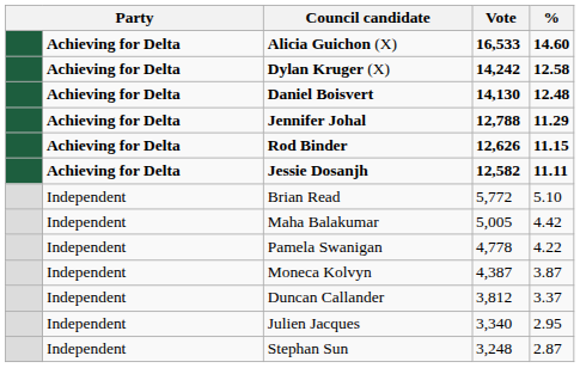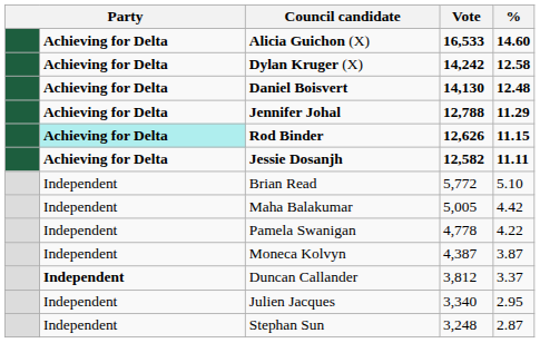 <table class="wikitable">
 <tr>
 <th width="250px" colspan="2">Party</th>
 <th width="200px">Council candidate</th>
 <th width="50px">Vote</th>
 <th width="30px">%</th>
 </tr>
 <tr>
 <td style="background:#1D5E3E;" width="30px"> </td>
 <td><strong>Achieving for Delta</strong></td>
 <td><strong>Alicia Guichon</strong> (X) </td>
 <td><strong>16,533</strong></td>
 <td><strong>14.60</strong></td>
 </tr>
 <tr>
 <td style="background:#1D5E3E;" width="30px"> </td>
 <td><strong>Achieving for Delta</strong></td>
 <td><strong>Dylan Kruger</strong> (X) </td>
 <td><strong>14,242</strong></td>
 <td><strong>12.58</strong></td>
 </tr>
 <tr>
 <td style="background:#1D5E3E;" width="30px"> </td>
 <td><strong>Achieving for Delta</strong></td>
 <td><strong>Daniel Boisvert</strong> </td>
 <td><strong>14,130</strong></td>
 <td><strong>12.48</strong></td>
 </tr>
 <tr>
 <td style="background:#1D5E3E;" width="30px"> </td>
 <td><strong>Achieving for Delta</strong></td>
 <td><strong>Jennifer Johal</strong> </td>
 <td><strong>12,788</strong></td>
 <td><strong>11.29</strong></td>
 </tr>
 <tr>
 <td style="background:#1D5E3E;" width="30px"> </td>
-<td><strong>Achieving for Delta</strong></td>
+<td style="background: paleturquoise;"><strong>Achieving for Delta</strong></td>
 <td><strong>Rod Binder</strong> </td>
 <td><strong>12,626</strong></td>
 <td><strong>11.15</strong></td>
 </tr>
 <tr>
 <td style="background:#1D5E3E;" width="30px"> </td>
 <td><strong>Achieving for Delta</strong></td>
 <td><strong>Jessie Dosanjh</strong> </td>
 <td><strong>12,582</strong></td>
 <td><strong>11.11</strong></td>
 </tr>
 <tr>
 <td style="background:gainsboro" width="30px"> </td>
 <td>Independent</td>
 <td>Brian Read</td>
 <td>5,772</td>
 <td>5.10</td>
 </tr>
 <tr>
 <td style="background:gainsboro" width="30px"> </td>
 <td>Independent</td>
 <td>Maha Balakumar</td>
 <td>5,005</td>
 <td>4.42</td>
 </tr>
 <tr>
 <td style="background:gainsboro" width="30px"> </td>
 <td>Independent</td>
 <td>Pamela Swanigan</td>
 <td>4,778</td>
 <td>4.22</td>
 </tr>
 <tr>
 <td style="background:gainsboro" width="30px"> </td>
 <td>Independent</td>
 <td>Moneca Kolvyn</td>
 <td>4,387</td>
 <td>3.87</td>
 </tr>
 <tr>
 <td style="background:gainsboro" width="30px"> </td>
-<td>Independent</td>
+<td><strong>Independent</strong></td>
 <td>Duncan Callander</td>
 <td>3,812</td>
 <td>3.37</td>
 </tr>
 <tr>
 <td style="background:gainsboro" width="30px"> </td>
 <td>Independent</td>
 <td>Julien Jacques</td>
 <td>3,340</td>
 <td>2.95</td>
 </tr>
 <tr>
 <td style="background:gainsboro" width="30px"> </td>
 <td>Independent</td>
 <td>Stephan Sun</td>
 <td>3,248</td>
 <td>2.87</td>
 </tr>
 </table>
